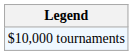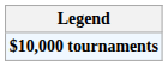 <table class=wikitable style="font-size:85%">
 <tr>
 <th>Legend</th>
 </tr>
 <tr style="background:#f0f8ff;">
-<td>$10,000 tournaments</td>
+<td><strong>$10,000 tournaments</strong></td>
 </tr>
 </table>
